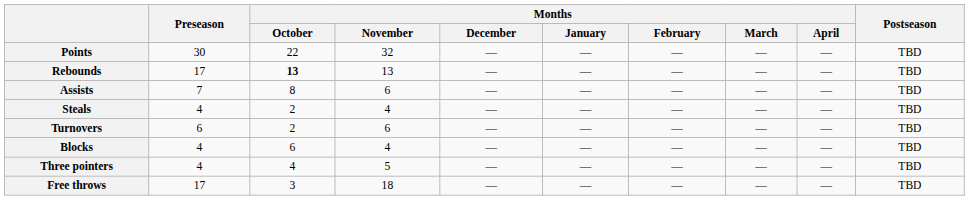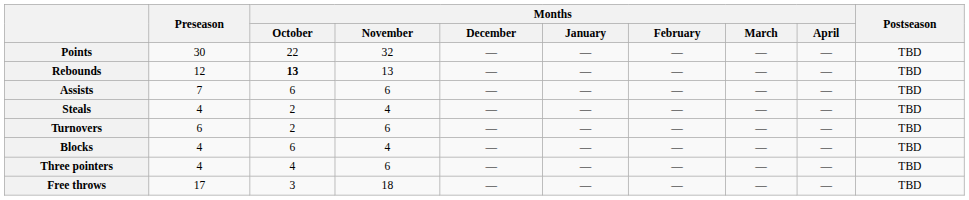 <table class="wikitable" style="font-size:95%; text-align:center; width:100%;">
 <tr>
 <th rowspan="2"></th>
 <th rowspan="2">Preseason</th>
 <th colspan="7">Months</th>
 <th rowspan="2">Postseason</th>
 </tr>
 <tr>
 <th>October</th>
 <th>November</th>
 <th>December</th>
 <th>January</th>
 <th>February</th>
 <th>March</th>
 <th>April</th>
 </tr>
 <tr>
 <th>Points</th>
 <td>30</td>
 <td>22</td>
 <td>32</td>
 <td>—</td>
 <td>—</td>
 <td>—</td>
 <td>—</td>
 <td>—</td>
 <td>TBD</td>
 </tr>
 <tr>
 <th>Rebounds</th>
-<td>17</td>
+<td>12</td>
 <td><strong>13</strong></td>
 <td>13</td>
 <td>—</td>
 <td>—</td>
 <td>—</td>
 <td>—</td>
 <td>—</td>
 <td>TBD</td>
 </tr>
 <tr>
 <th>Assists</th>
 <td>7</td>
-<td>8</td>
+<td>6</td>
 <td>6</td>
 <td>—</td>
 <td>—</td>
 <td>—</td>
 <td>—</td>
 <td>—</td>
 <td>TBD</td>
 </tr>
 <tr>
 <th>Steals</th>
 <td>4</td>
 <td>2</td>
 <td>4</td>
 <td>—</td>
 <td>—</td>
 <td>—</td>
 <td>—</td>
 <td>—</td>
 <td>TBD</td>
 </tr>
 <tr>
 <th>Turnovers</th>
 <td>6</td>
 <td>2</td>
 <td>6</td>
 <td>—</td>
 <td>—</td>
 <td>—</td>
 <td>—</td>
 <td>—</td>
 <td>TBD</td>
 </tr>
 <tr>
 <th>Blocks</th>
 <td>4</td>
 <td>6</td>
 <td>4</td>
 <td>—</td>
 <td>—</td>
 <td>—</td>
 <td>—</td>
 <td>—</td>
 <td>TBD</td>
 </tr>
 <tr>
 <th>Three pointers</th>
 <td>4</td>
 <td>4</td>
-<td>5</td>
+<td>6</td>
 <td>—</td>
 <td>—</td>
 <td>—</td>
 <td>—</td>
 <td>—</td>
 <td>TBD</td>
 </tr>
 <tr>
 <th>Free throws</th>
 <td>17</td>
 <td>3</td>
 <td>18</td>
 <td>—</td>
 <td>—</td>
 <td>—</td>
 <td>—</td>
 <td>—</td>
 <td>TBD</td>
 </tr>
 </table>
